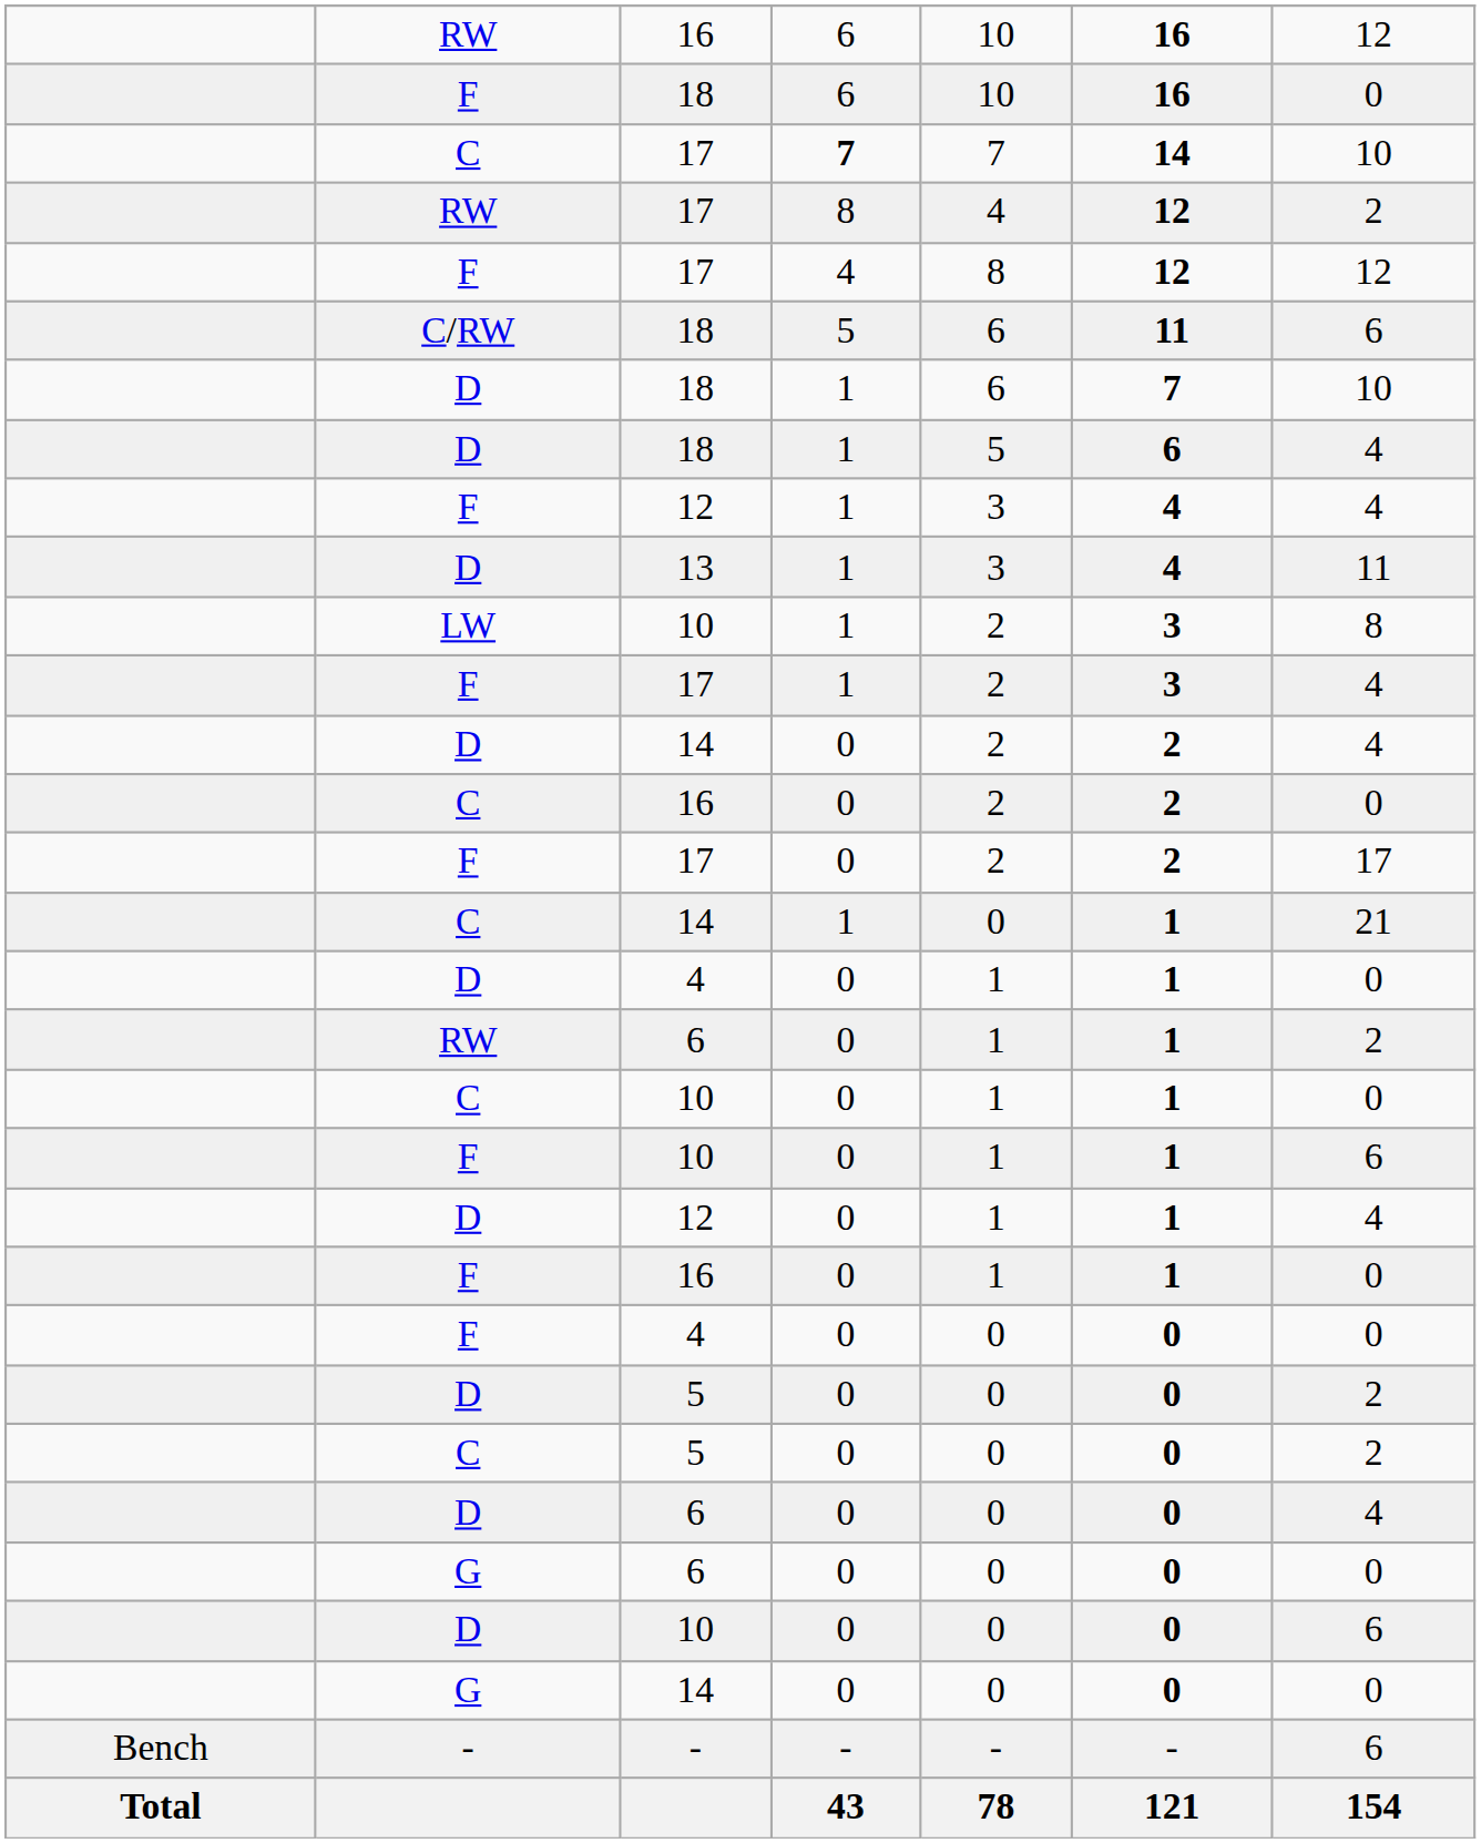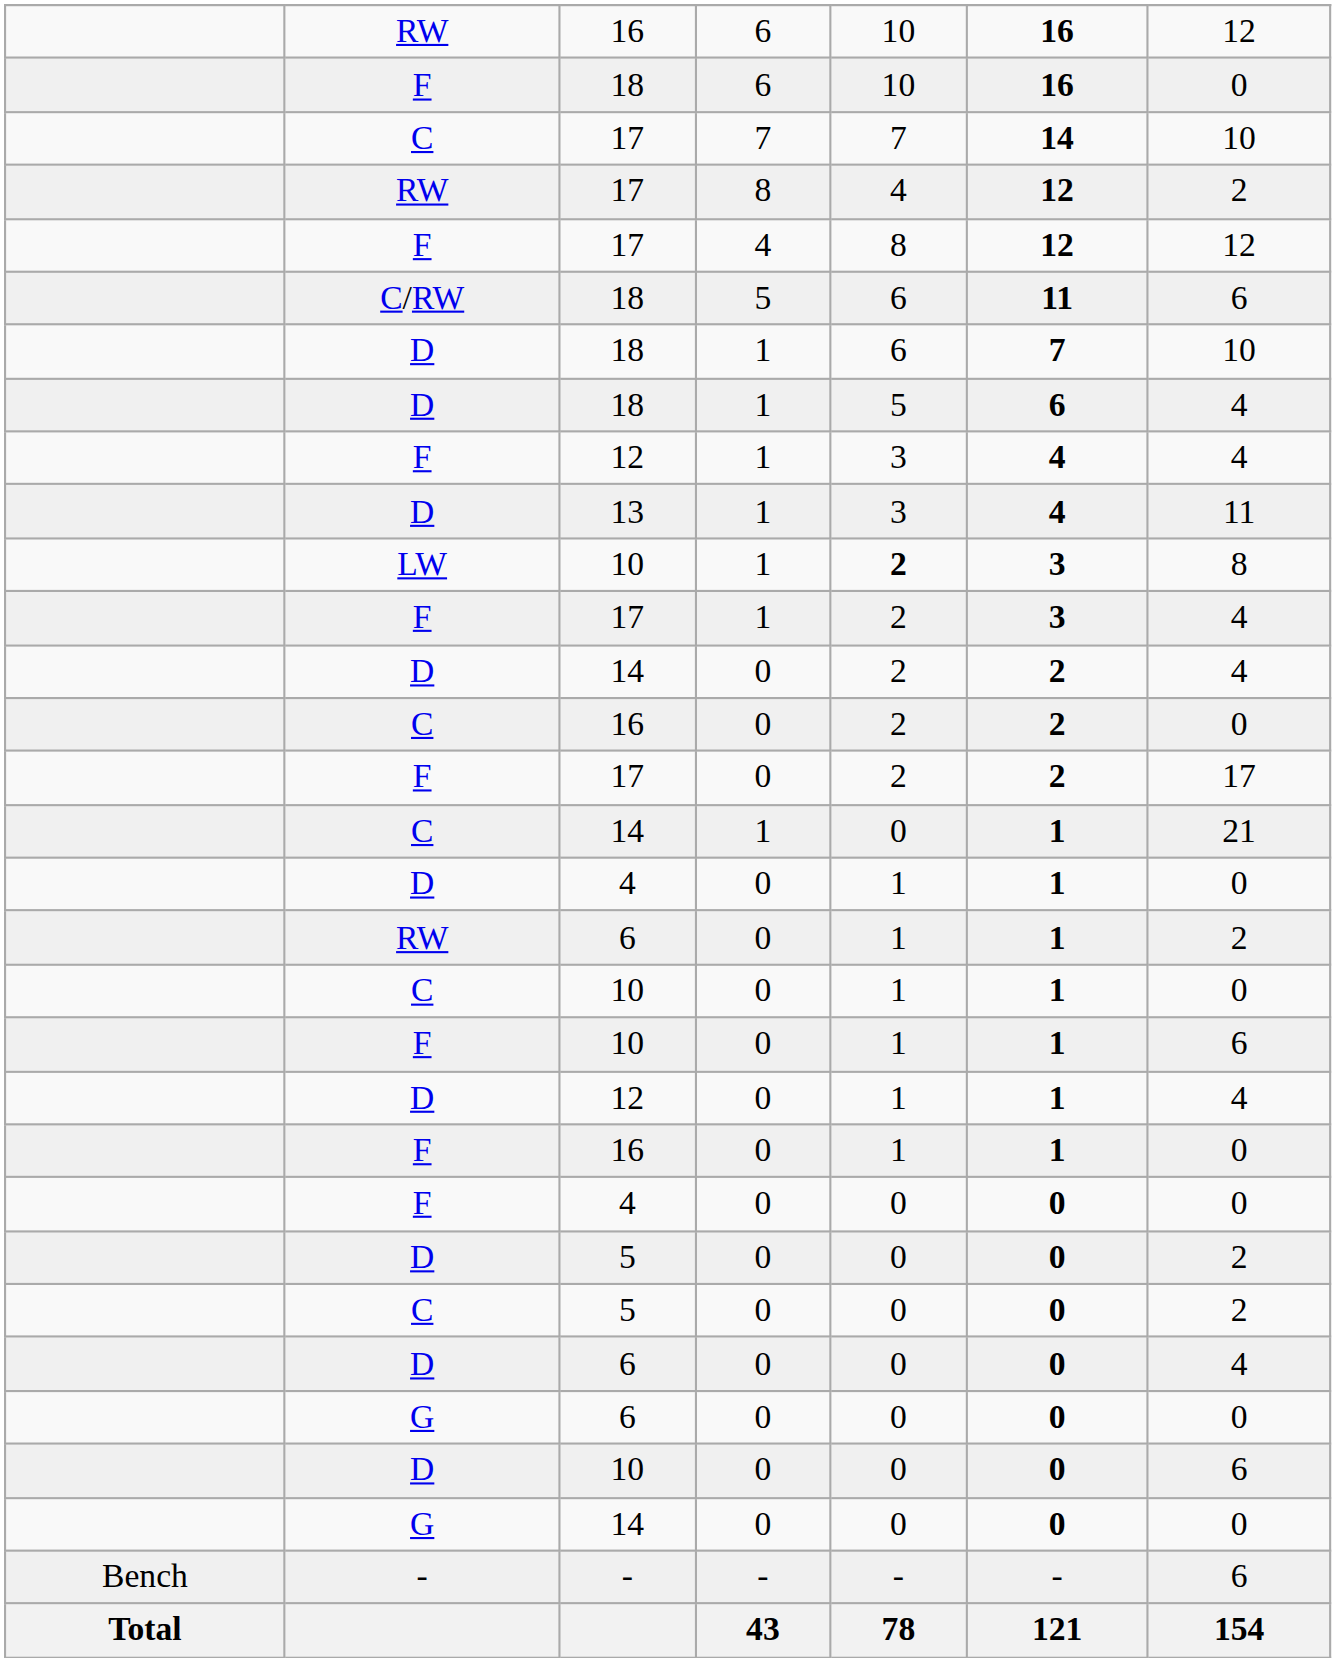 <table class="wikitable sortable" width ="50%">
 <tr align="center">
 </tr>
 <tr align="center" bgcolor="">
 <td></td>
 <td><a href='#'>RW</a></td>
 <td>16</td>
 <td>6</td>
 <td>10</td>
 <td><strong>16</strong></td>
 <td>12</td>
 </tr>
 <tr align="center" bgcolor="f0f0f0">
 <td></td>
 <td><a href='#'>F</a></td>
 <td>18</td>
 <td>6</td>
 <td>10</td>
 <td><strong>16</strong></td>
 <td>0</td>
 </tr>
 <tr align="center" bgcolor="">
 <td></td>
 <td><a href='#'>C</a></td>
 <td>17</td>
-<td><strong>7</strong></td>
+<td>7</td>
 <td>7</td>
 <td><strong>14</strong></td>
 <td>10</td>
 </tr>
 <tr align="center" bgcolor="f0f0f0">
 <td></td>
 <td><a href='#'>RW</a></td>
 <td>17</td>
 <td>8</td>
 <td>4</td>
 <td><strong>12</strong></td>
 <td>2</td>
 </tr>
 <tr align="center" bgcolor="">
 <td></td>
 <td><a href='#'>F</a></td>
 <td>17</td>
 <td>4</td>
 <td>8</td>
 <td><strong>12</strong></td>
 <td>12</td>
 </tr>
 <tr align="center" bgcolor="f0f0f0">
 <td></td>
 <td><a href='#'>C</a>/<a href='#'>RW</a></td>
 <td>18</td>
 <td>5</td>
 <td>6</td>
 <td><strong>11</strong></td>
 <td>6</td>
 </tr>
 <tr align="center" bgcolor="">
 <td></td>
 <td><a href='#'>D</a></td>
 <td>18</td>
 <td>1</td>
 <td>6</td>
 <td><strong>7</strong></td>
 <td>10</td>
 </tr>
 <tr align="center" bgcolor="f0f0f0">
 <td></td>
 <td><a href='#'>D</a></td>
 <td>18</td>
 <td>1</td>
 <td>5</td>
 <td><strong>6</strong></td>
 <td>4</td>
 </tr>
 <tr align="center" bgcolor="">
 <td></td>
 <td><a href='#'>F</a></td>
 <td>12</td>
 <td>1</td>
 <td>3</td>
 <td><strong>4</strong></td>
 <td>4</td>
 </tr>
 <tr align="center" bgcolor="f0f0f0">
 <td></td>
 <td><a href='#'>D</a></td>
 <td>13</td>
 <td>1</td>
 <td>3</td>
 <td><strong>4</strong></td>
 <td>11</td>
 </tr>
 <tr align="center" bgcolor="">
 <td></td>
 <td><a href='#'>LW</a></td>
 <td>10</td>
 <td>1</td>
-<td>2</td>
+<td><strong>2</strong></td>
 <td><strong>3</strong></td>
 <td>8</td>
 </tr>
 <tr align="center" bgcolor="f0f0f0">
 <td></td>
 <td><a href='#'>F</a></td>
 <td>17</td>
 <td>1</td>
 <td>2</td>
 <td><strong>3</strong></td>
 <td>4</td>
 </tr>
 <tr align="center" bgcolor="">
 <td></td>
 <td><a href='#'>D</a></td>
 <td>14</td>
 <td>0</td>
 <td>2</td>
 <td><strong>2</strong></td>
 <td>4</td>
 </tr>
 <tr align="center" bgcolor="f0f0f0">
 <td></td>
 <td><a href='#'>C</a></td>
 <td>16</td>
 <td>0</td>
 <td>2</td>
 <td><strong>2</strong></td>
 <td>0</td>
 </tr>
 <tr align="center" bgcolor="">
 <td></td>
 <td><a href='#'>F</a></td>
 <td>17</td>
 <td>0</td>
 <td>2</td>
 <td><strong>2</strong></td>
 <td>17</td>
 </tr>
 <tr align="center" bgcolor="f0f0f0">
 <td></td>
 <td><a href='#'>C</a></td>
 <td>14</td>
 <td>1</td>
 <td>0</td>
 <td><strong>1</strong></td>
 <td>21</td>
 </tr>
 <tr align="center" bgcolor="">
 <td></td>
 <td><a href='#'>D</a></td>
 <td>4</td>
 <td>0</td>
 <td>1</td>
 <td><strong>1</strong></td>
 <td>0</td>
 </tr>
 <tr align="center" bgcolor="f0f0f0">
 <td></td>
 <td><a href='#'>RW</a></td>
 <td>6</td>
 <td>0</td>
 <td>1</td>
 <td><strong>1</strong></td>
 <td>2</td>
 </tr>
 <tr align="center" bgcolor="">
 <td></td>
 <td><a href='#'>C</a></td>
 <td>10</td>
 <td>0</td>
 <td>1</td>
 <td><strong>1</strong></td>
 <td>0</td>
 </tr>
 <tr align="center" bgcolor="f0f0f0">
 <td></td>
 <td><a href='#'>F</a></td>
 <td>10</td>
 <td>0</td>
 <td>1</td>
 <td><strong>1</strong></td>
 <td>6</td>
 </tr>
 <tr align="center" bgcolor="">
 <td></td>
 <td><a href='#'>D</a></td>
 <td>12</td>
 <td>0</td>
 <td>1</td>
 <td><strong>1</strong></td>
 <td>4</td>
 </tr>
 <tr align="center" bgcolor="f0f0f0">
 <td></td>
 <td><a href='#'>F</a></td>
 <td>16</td>
 <td>0</td>
 <td>1</td>
 <td><strong>1</strong></td>
 <td>0</td>
 </tr>
 <tr align="center" bgcolor="">
 <td></td>
 <td><a href='#'>F</a></td>
 <td>4</td>
 <td>0</td>
 <td>0</td>
 <td><strong>0</strong></td>
 <td>0</td>
 </tr>
 <tr align="center" bgcolor="f0f0f0">
 <td></td>
 <td><a href='#'>D</a></td>
 <td>5</td>
 <td>0</td>
 <td>0</td>
 <td><strong>0</strong></td>
 <td>2</td>
 </tr>
 <tr align="center" bgcolor="">
 <td></td>
 <td><a href='#'>C</a></td>
 <td>5</td>
 <td>0</td>
 <td>0</td>
 <td><strong>0</strong></td>
 <td>2</td>
 </tr>
 <tr align="center" bgcolor="f0f0f0">
 <td></td>
 <td><a href='#'>D</a></td>
 <td>6</td>
 <td>0</td>
 <td>0</td>
 <td><strong>0</strong></td>
 <td>4</td>
 </tr>
 <tr align="center" bgcolor="">
 <td></td>
 <td><a href='#'>G</a></td>
 <td>6</td>
 <td>0</td>
 <td>0</td>
 <td><strong>0</strong></td>
 <td>0</td>
 </tr>
 <tr align="center" bgcolor="f0f0f0">
 <td></td>
 <td><a href='#'>D</a></td>
 <td>10</td>
 <td>0</td>
 <td>0</td>
 <td><strong>0</strong></td>
 <td>6</td>
 </tr>
 <tr align="center" bgcolor="">
 <td></td>
 <td><a href='#'>G</a></td>
 <td>14</td>
 <td>0</td>
 <td>0</td>
 <td><strong>0</strong></td>
 <td>0</td>
 </tr>
 <tr align="center" bgcolor="f0f0f0">
 <td>Bench</td>
 <td>-</td>
 <td>-</td>
 <td>-</td>
 <td>-</td>
 <td>-</td>
 <td>6</td>
 </tr>
 <tr>
 <th>Total</th>
 <th></th>
 <th></th>
 <th>43</th>
 <th>78</th>
 <th>121</th>
 <th>154</th>
 </tr>
 </table>
